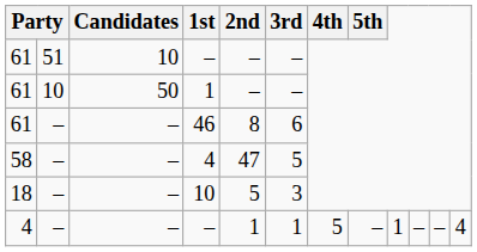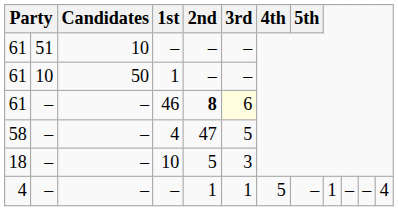 <table class="wikitable" style="text-align:right">
 <tr>
 <th colspan="2">Party</th>
 <th>Candidates</th>
 <th>1st</th>
 <th>2nd</th>
 <th>3rd</th>
 <th>4th</th>
 <th>5th</th>
 </tr>
 <tr>
 <td>61</td>
 <td>51</td>
 <td>10</td>
 <td>–</td>
 <td>–</td>
 <td>–</td>
 </tr>
 <tr>
 <td>61</td>
 <td>10</td>
 <td>50</td>
 <td>1</td>
 <td>–</td>
 <td>–</td>
 </tr>
 <tr>
 <td>61</td>
 <td>–</td>
 <td>–</td>
 <td>46</td>
-<td>8</td>
-<td>6</td>
+<td><strong>8</strong></td>
+<td style="background: lightyellow;">6</td>
 </tr>
 <tr>
 <td>58</td>
 <td>–</td>
 <td>–</td>
 <td>4</td>
 <td>47</td>
 <td>5</td>
 </tr>
 <tr>
 <td>18</td>
 <td>–</td>
 <td>–</td>
 <td>10</td>
 <td>5</td>
 <td>3</td>
 </tr>
 <tr>
 <td>4</td>
 <td>–</td>
 <td>–</td>
 <td>–</td>
 <td>1</td>
 <td>1<br></td>
 <td>5</td>
 <td>–</td>
 <td>1</td>
 <td>–</td>
 <td>–</td>
 <td>4</td>
 </tr>
 </table>
